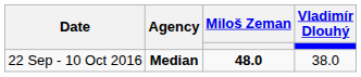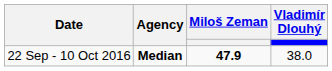 <table class="wikitable collapsible collapsed" style=text-align:center>
 <tr>
 <th rowspan="2">Date</th>
 <th rowspan="2">Agency</th>
 <th><a href='#'>Miloš Zeman</a></th>
 <th><a href='#'>Vladimír Dlouhý</a></th>
 </tr>
 <tr>
 <th style="background:"></th>
 <th style="background:#0000FF; width:40px;"></th>
 </tr>
 <tr>
 <td>22 Sep - 10 Oct 2016</td>
 <td><strong>Median</strong></td>
-<td><strong>48.0</strong></td>
+<td><strong>47.9</strong></td>
 <td>38.0</td>
 </tr>
 </table>
